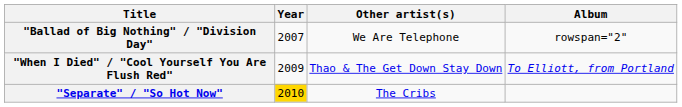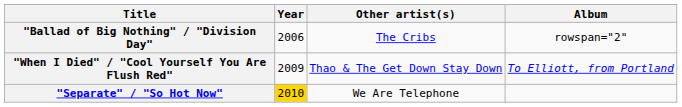 <table class="wikitable plainrowheaders" style="text-align:center;" border="1">
 <tr>
 <th scope="col" style="width:24em;">Title</th>
 <th scope="col">Year</th>
 <th scope="col">Other artist(s)</th>
 <th scope="col">Album</th>
 </tr>
 <tr>
 <th scope="row">"Ballad of Big Nothing" / "Division Day"</th>
-<td>2007</td>
-<td>We Are Telephone</td>
+<td>2006</td>
+<td><a href='#'>The Cribs</a></td>
 <td>rowspan="2" </td>
 </tr>
 <tr>
 <th scope="row">"When I Died" / "Cool Yourself You Are Flush Red"</th>
 <td>2009</td>
 <td><a href='#'>Thao & The Get Down Stay Down</a></td>
 <td><em><a href='#'>To Elliott, from Portland</a></em></td>
 </tr>
 <tr>
 <th scope="row"><a href='#'>"Separate" / "So Hot Now"</a></th>
 <td style="background: gold;">2010</td>
-<td><a href='#'>The Cribs</a></td>
+<td>We Are Telephone</td>
 </tr>
 </table>
